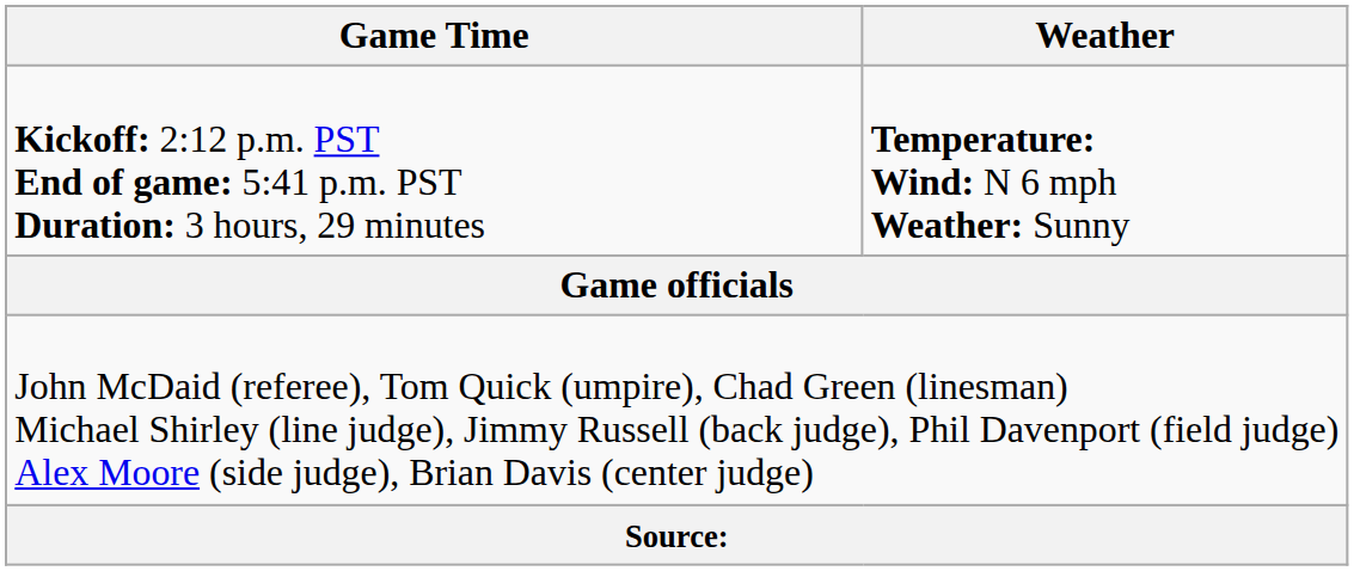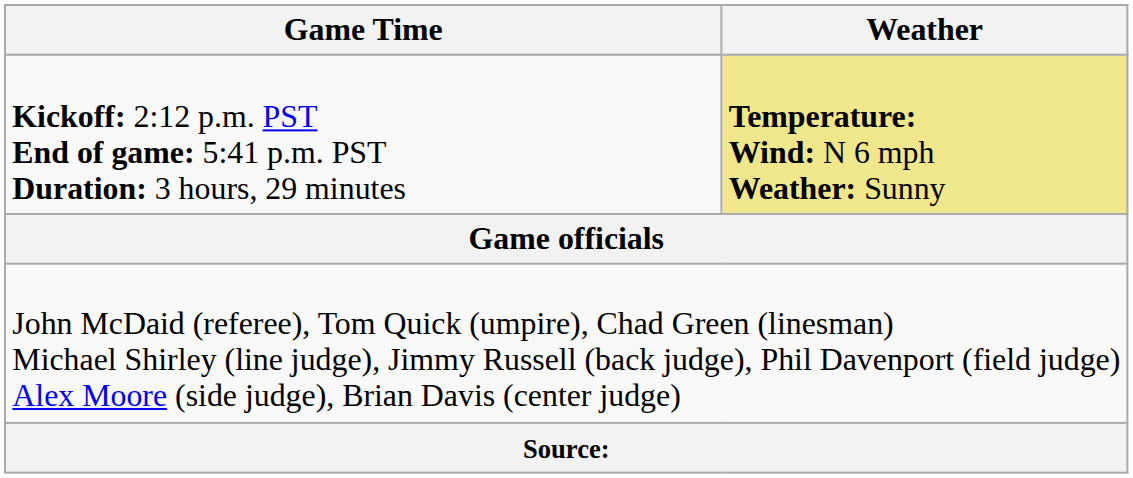 <table class="wikitable">
 <tr>
 <th>Game Time</th>
 <th>Weather</th>
 </tr>
 <tr>
 <td><br><strong>Kickoff:</strong> 2:12 p.m. <a href='#'>PST</a><br> <strong>End of game:</strong> 5:41 p.m. PST<br> <strong>Duration:</strong> 3 hours, 29 minutes</td>
-<td><br><strong>Temperature:</strong> <br> <strong>Wind:</strong> N 6 mph<br> <strong>Weather:</strong> Sunny</td>
+<td style="background: khaki;"><br><strong>Temperature:</strong> <br> <strong>Wind:</strong> N 6 mph<br> <strong>Weather:</strong> Sunny</td>
 </tr>
 <tr>
 <th colspan=2>Game officials</th>
 </tr>
 <tr>
 <td colspan=2><br>John McDaid (referee), Tom Quick (umpire), Chad Green (linesman)<br> Michael Shirley (line judge), Jimmy Russell (back judge), Phil Davenport (field judge)<br><a href='#'>Alex Moore</a> (side judge), Brian Davis (center judge)</td>
 </tr>
 <tr>
 <th colspan=2><small>Source:</small></th>
 </tr>
 </table>
